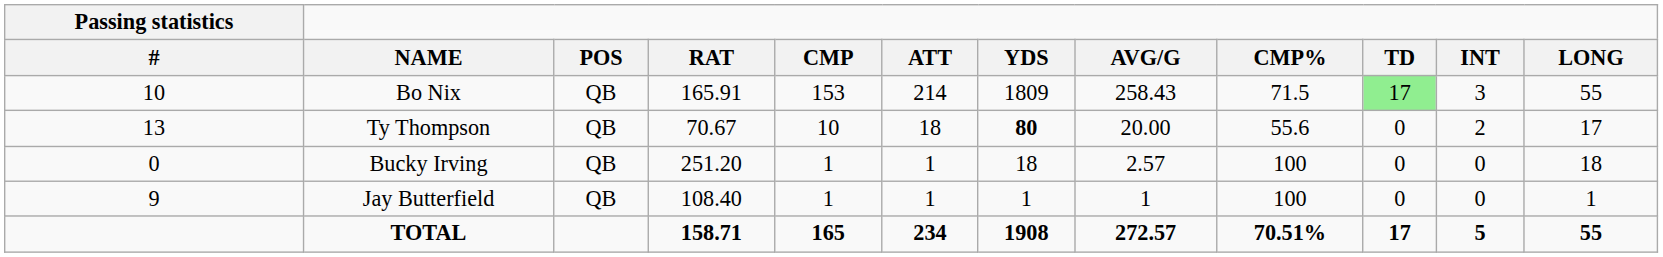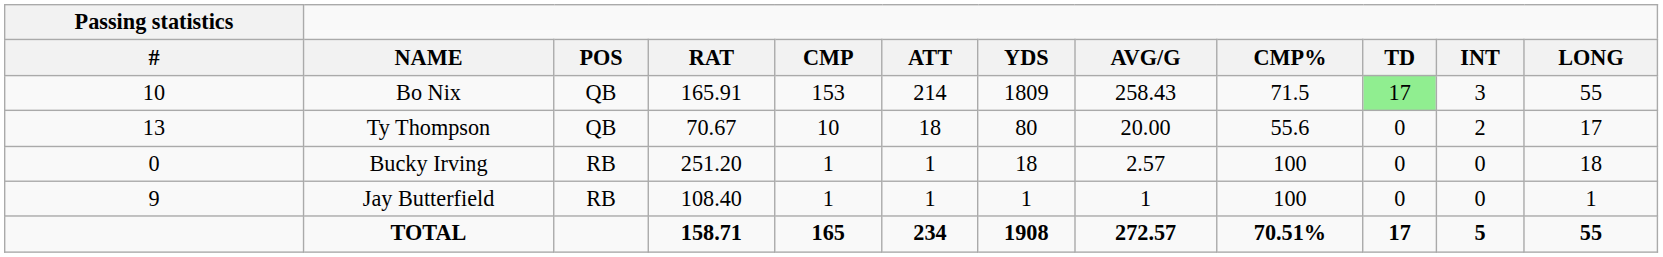 <table style="width:60%; text-align:center;" class="wikitable collapsible collapsed">
 <tr>
 <th style="text-align:center; ">Passing statistics</th>
 </tr>
 <tr>
 <th>#</th>
 <th>NAME</th>
 <th>POS</th>
 <th>RAT</th>
 <th>CMP</th>
 <th>ATT</th>
 <th>YDS</th>
 <th>AVG/G</th>
 <th>CMP%</th>
 <th>TD</th>
 <th>INT</th>
 <th>LONG</th>
 </tr>
 <tr>
 <td>10</td>
 <td>Bo Nix</td>
 <td>QB</td>
 <td>165.91</td>
 <td>153</td>
 <td>214</td>
 <td>1809</td>
 <td>258.43</td>
 <td>71.5</td>
 <td style="background: lightgreen;">17</td>
 <td>3</td>
 <td>55</td>
 </tr>
 <tr>
 <td>13</td>
 <td>Ty Thompson</td>
 <td>QB</td>
 <td>70.67</td>
 <td>10</td>
 <td>18</td>
-<td><strong>80</strong></td>
+<td>80</td>
 <td>20.00</td>
 <td>55.6</td>
 <td>0</td>
 <td>2</td>
 <td>17</td>
 </tr>
 <tr>
 <td>0</td>
 <td>Bucky Irving</td>
-<td>QB</td>
+<td>RB</td>
 <td>251.20</td>
 <td>1</td>
 <td>1</td>
 <td>18</td>
 <td>2.57</td>
 <td>100</td>
 <td>0</td>
 <td>0</td>
 <td>18</td>
 </tr>
 <tr>
 <td>9</td>
 <td>Jay Butterfield</td>
-<td>QB</td>
+<td>RB</td>
 <td>108.40</td>
 <td>1</td>
 <td>1</td>
 <td>1</td>
 <td>1</td>
 <td>100</td>
 <td>0</td>
 <td>0</td>
 <td>1</td>
 </tr>
 <tr>
 <td></td>
 <td><strong>TOTAL</strong></td>
 <td></td>
 <td><strong>158.71</strong></td>
 <td><strong>165</strong></td>
 <td><strong>234</strong></td>
 <td><strong>1908</strong></td>
 <td><strong>272.57</strong></td>
 <td><strong>70.51%</strong></td>
 <td><strong>17</strong></td>
 <td><strong>5</strong></td>
 <td><strong>55</strong></td>
 </tr>
 </table>
